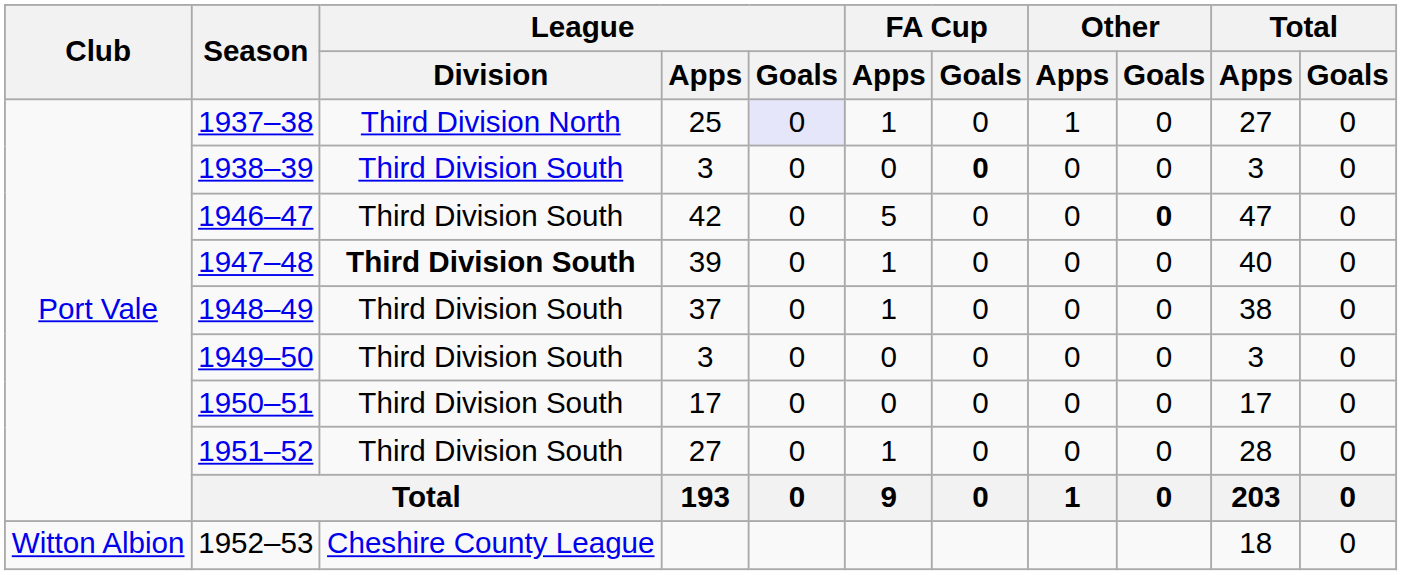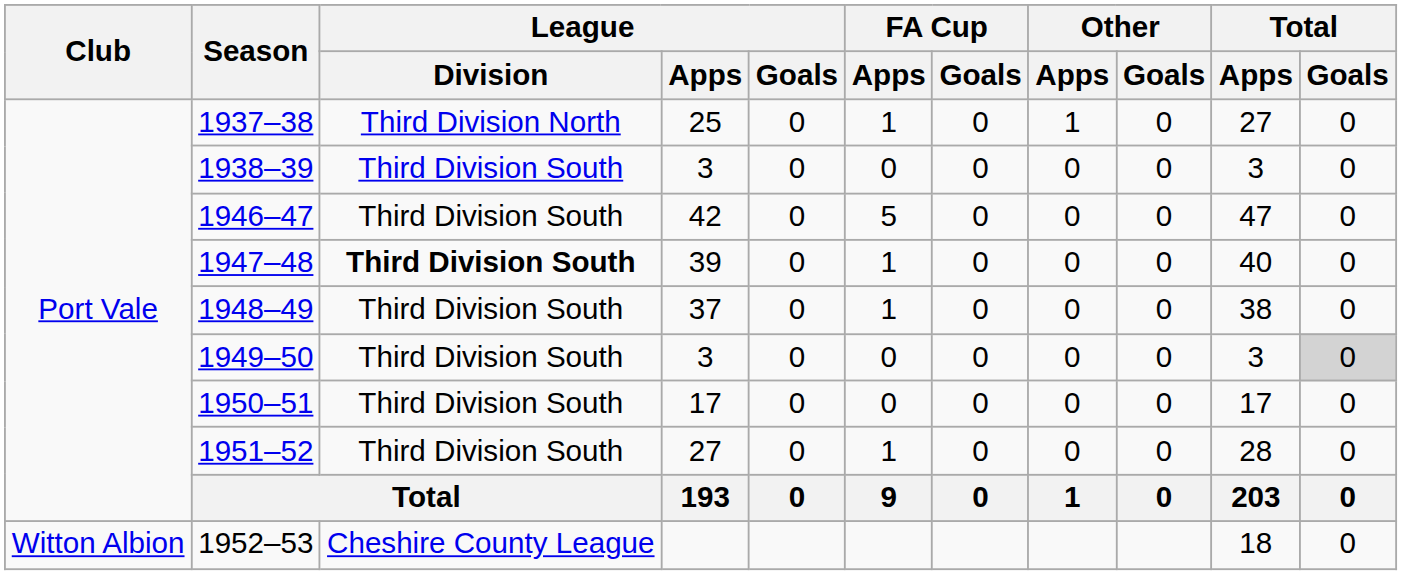 <table class="wikitable" style="text-align: center;">
 <tr>
 <th rowspan="2">Club</th>
 <th rowspan="2">Season</th>
 <th colspan="3">League</th>
 <th colspan="2">FA Cup</th>
 <th colspan="2">Other</th>
 <th colspan="2">Total</th>
 </tr>
 <tr>
 <th>Division</th>
 <th>Apps</th>
 <th>Goals</th>
 <th>Apps</th>
 <th>Goals</th>
 <th>Apps</th>
 <th>Goals</th>
 <th>Apps</th>
 <th>Goals</th>
 </tr>
 <tr>
 <td rowspan="9"><a href='#'>Port Vale</a></td>
 <td><a href='#'>1937–38</a></td>
 <td><a href='#'>Third Division North</a></td>
 <td>25</td>
-<td style="background: lavender;">0</td>
+<td>0</td>
 <td>1</td>
 <td>0</td>
 <td>1</td>
 <td>0</td>
 <td>27</td>
 <td>0</td>
 </tr>
 <tr>
 <td><a href='#'>1938–39</a></td>
 <td><a href='#'>Third Division South</a></td>
 <td>3</td>
 <td>0</td>
 <td>0</td>
-<td><strong>0</strong></td>
+<td>0</td>
 <td>0</td>
 <td>0</td>
 <td>3</td>
 <td>0</td>
 </tr>
 <tr>
 <td><a href='#'>1946–47</a></td>
 <td>Third Division South</td>
 <td>42</td>
 <td>0</td>
 <td>5</td>
 <td>0</td>
 <td>0</td>
-<td><strong>0</strong></td>
+<td>0</td>
 <td>47</td>
 <td>0</td>
 </tr>
 <tr>
 <td><a href='#'>1947–48</a></td>
 <td><strong>Third Division South</strong></td>
 <td>39</td>
 <td>0</td>
 <td>1</td>
 <td>0</td>
 <td>0</td>
 <td>0</td>
 <td>40</td>
 <td>0</td>
 </tr>
 <tr>
 <td><a href='#'>1948–49</a></td>
 <td>Third Division South</td>
 <td>37</td>
 <td>0</td>
 <td>1</td>
 <td>0</td>
 <td>0</td>
 <td>0</td>
 <td>38</td>
 <td>0</td>
 </tr>
 <tr>
 <td><a href='#'>1949–50</a></td>
 <td>Third Division South</td>
 <td>3</td>
 <td>0</td>
 <td>0</td>
 <td>0</td>
 <td>0</td>
 <td>0</td>
 <td>3</td>
-<td>0</td>
+<td style="background: lightgrey;">0</td>
 </tr>
 <tr>
 <td><a href='#'>1950–51</a></td>
 <td>Third Division South</td>
 <td>17</td>
 <td>0</td>
 <td>0</td>
 <td>0</td>
 <td>0</td>
 <td>0</td>
 <td>17</td>
 <td>0</td>
 </tr>
 <tr>
 <td><a href='#'>1951–52</a></td>
 <td>Third Division South</td>
 <td>27</td>
 <td>0</td>
 <td>1</td>
 <td>0</td>
 <td>0</td>
 <td>0</td>
 <td>28</td>
 <td>0</td>
 </tr>
 <tr>
 <th colspan="2">Total</th>
 <th>193</th>
 <th>0</th>
 <th>9</th>
 <th>0</th>
 <th>1</th>
 <th>0</th>
 <th>203</th>
 <th>0</th>
 </tr>
 <tr>
 <td><a href='#'>Witton Albion</a></td>
 <td>1952–53</td>
 <td><a href='#'>Cheshire County League</a></td>
 <td></td>
 <td></td>
 <td></td>
 <td></td>
 <td></td>
 <td></td>
 <td>18</td>
 <td>0</td>
 </tr>
 </table>
